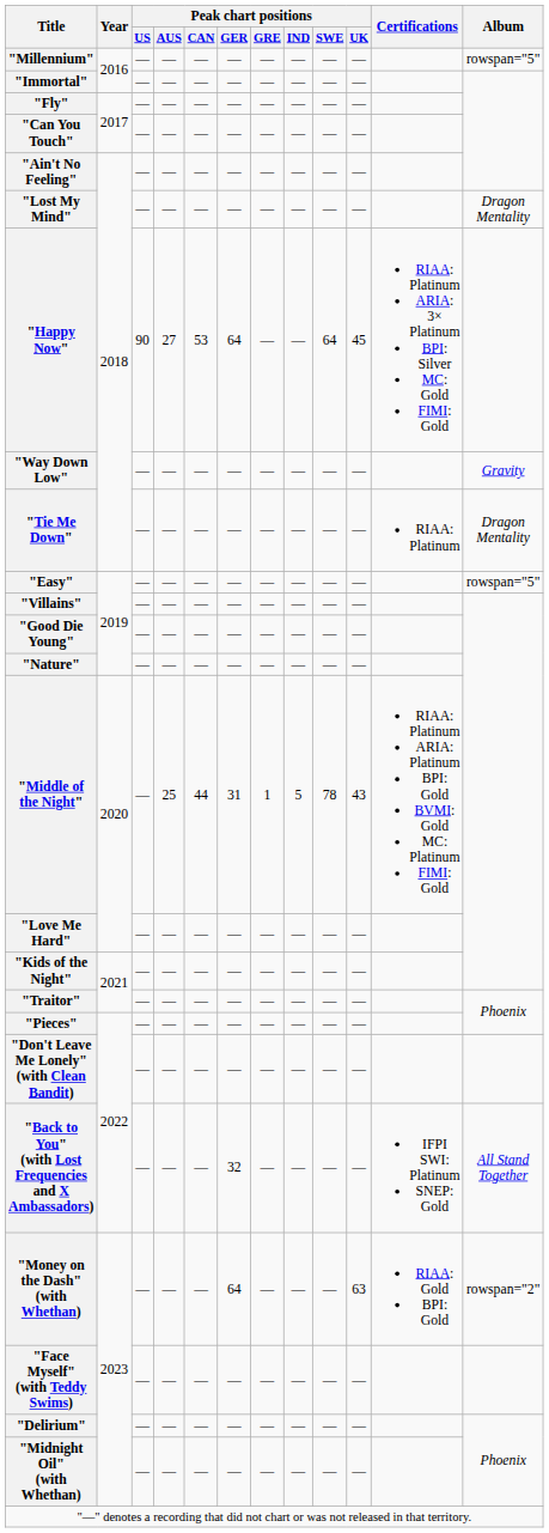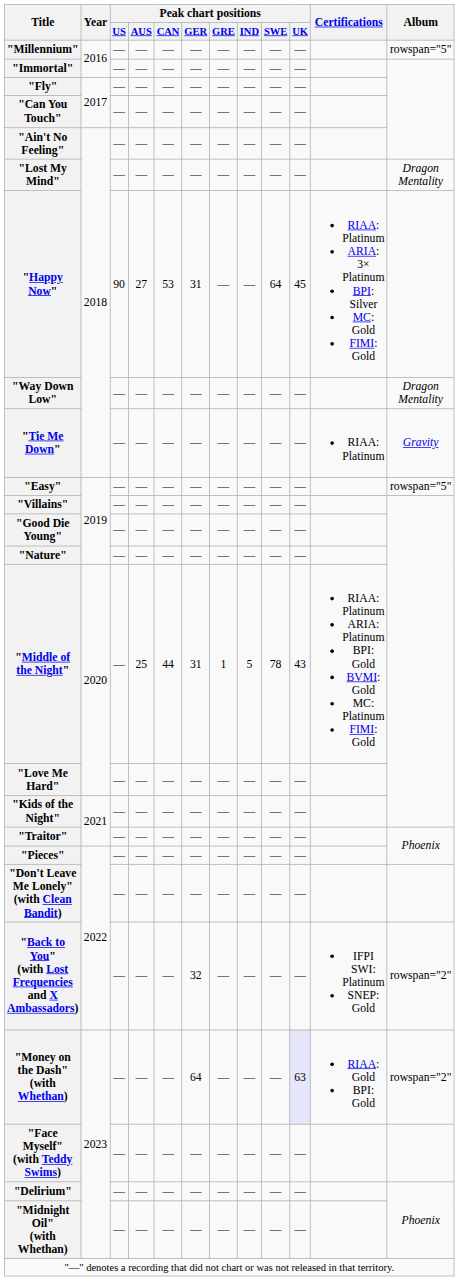 <table class="wikitable plainrowheaders" style="text-align:center;">
 <tr>
 <th scope="col" rowspan="2" style="width:20em;">Title</th>
 <th scope="col" rowspan="2">Year</th>
 <th scope="col" colspan="8">Peak chart positions</th>
 <th scope="col" rowspan="2" style="width:14em;"><a href='#'>Certifications</a></th>
 <th scope="col" rowspan="2" style="width:10em;">Album</th>
 </tr>
 <tr>
 <th scope="col" style="width:3em;font-size:90%;"><a href='#'>US</a><br></th>
 <th scope="col" style="width:3em;font-size:90%;"><a href='#'>AUS</a><br></th>
 <th scope="col" style="width:3em;font-size:90%;"><a href='#'>CAN</a><br></th>
 <th scope="col" style="width:3em;font-size:90%;"><a href='#'>GER</a><br></th>
 <th scope="col" style="width:3em;font-size:90%;"><a href='#'>GRE</a><br></th>
 <th scope="col" style="width:3em;font-size:90%;"><a href='#'>IND</a><br></th>
 <th scope="col" style="width:3em;font-size:90%;"><a href='#'>SWE</a><br></th>
 <th scope="col" style="width:3em;font-size:90%;"><a href='#'>UK</a><br></th>
 </tr>
 <tr>
 <th scope="row">"Millennium"<br></th>
 <td rowspan="2">2016</td>
 <td>—</td>
 <td>—</td>
 <td>—</td>
 <td>—</td>
 <td>—</td>
 <td>—</td>
 <td>—</td>
 <td>—</td>
 <td></td>
 <td>rowspan="5" </td>
 </tr>
 <tr>
 <th scope="row">"Immortal"</th>
 <td>—</td>
 <td>—</td>
 <td>—</td>
 <td>—</td>
 <td>—</td>
 <td>—</td>
 <td>—</td>
 <td>—</td>
 <td></td>
 </tr>
 <tr>
 <th scope="row">"Fly"</th>
 <td rowspan="2">2017</td>
 <td>—</td>
 <td>—</td>
 <td>—</td>
 <td>—</td>
 <td>—</td>
 <td>—</td>
 <td>—</td>
 <td>—</td>
 <td></td>
 </tr>
 <tr>
 <th scope="row">"Can You Touch"</th>
 <td>—</td>
 <td>—</td>
 <td>—</td>
 <td>—</td>
 <td>—</td>
 <td>—</td>
 <td>—</td>
 <td>—</td>
 <td></td>
 </tr>
 <tr>
 <th scope="row">"Ain't No Feeling"</th>
 <td rowspan="5">2018</td>
 <td>—</td>
 <td>—</td>
 <td>—</td>
 <td>—</td>
 <td>—</td>
 <td>—</td>
 <td>—</td>
 <td>—</td>
 <td></td>
 </tr>
 <tr>
 <th scope="row">"Lost My Mind"</th>
 <td>—</td>
 <td>—</td>
 <td>—</td>
 <td>—</td>
 <td>—</td>
 <td>—</td>
 <td>—</td>
 <td>—</td>
 <td></td>
 <td><em>Dragon Mentality</em></td>
 </tr>
 <tr>
 <th scope="row">"<a href='#'>Happy Now</a>"<br></th>
 <td>90</td>
 <td>27</td>
 <td>53</td>
-<td>64</td>
+<td>31</td>
 <td>—</td>
 <td>—</td>
 <td>64</td>
 <td>45</td>
 <td><br><ul><li><a href='#'>RIAA</a>: Platinum</li><li><a href='#'>ARIA</a>: 3× Platinum</li><li><a href='#'>BPI</a>: Silver</li><li><a href='#'>MC</a>: Gold</li><li><a href='#'>FIMI</a>: Gold</li></ul></td>
 <td></td>
 </tr>
 <tr>
 <th scope="row">"Way Down Low"</th>
 <td>—</td>
 <td>—</td>
 <td>—</td>
 <td>—</td>
 <td>—</td>
 <td>—</td>
 <td>—</td>
 <td>—</td>
 <td></td>
-<td><em><a href='#'>Gravity</a></em></td>
+<td><em>Dragon Mentality</em></td>
 </tr>
 <tr>
 <th scope="row">"<a href='#'>Tie Me Down</a>"<br></th>
 <td>—</td>
 <td>—</td>
 <td>—</td>
 <td>—</td>
 <td>—</td>
 <td>—</td>
 <td>—</td>
 <td>—</td>
 <td><br><ul><li>RIAA: Platinum</li></ul></td>
-<td><em>Dragon Mentality</em></td>
+<td><em><a href='#'>Gravity</a></em></td>
 </tr>
 <tr>
 <th scope="row">"Easy"<br></th>
 <td rowspan="4">2019</td>
 <td>—</td>
 <td>—</td>
 <td>—</td>
 <td>—</td>
 <td>—</td>
 <td>—</td>
 <td>—</td>
 <td>—</td>
 <td></td>
 <td>rowspan="5" </td>
 </tr>
 <tr>
 <th scope="row">"Villains"</th>
 <td>—</td>
 <td>—</td>
 <td>—</td>
 <td>—</td>
 <td>—</td>
 <td>—</td>
 <td>—</td>
 <td>—</td>
 <td></td>
 </tr>
 <tr>
 <th scope="row">"Good Die Young"</th>
 <td>—</td>
 <td>—</td>
 <td>—</td>
 <td>—</td>
 <td>—</td>
 <td>—</td>
 <td>—</td>
 <td>—</td>
 <td></td>
 </tr>
 <tr>
 <th scope="row">"Nature"</th>
 <td>—</td>
 <td>—</td>
 <td>—</td>
 <td>—</td>
 <td>—</td>
 <td>—</td>
 <td>—</td>
 <td>—</td>
 <td></td>
 </tr>
 <tr>
 <th scope="row">"<a href='#'>Middle of the Night</a>"</th>
 <td rowspan="2">2020</td>
 <td>—</td>
 <td>25</td>
 <td>44</td>
 <td>31</td>
 <td>1</td>
 <td>5</td>
 <td>78</td>
 <td>43</td>
 <td><br><ul><li>RIAA: Platinum</li><li>ARIA: Platinum</li><li>BPI: Gold</li><li><a href='#'>BVMI</a>: Gold</li><li>MC: Platinum</li><li><a href='#'>FIMI</a>: Gold</li></ul></td>
 </tr>
 <tr>
 <th scope="row">"Love Me Hard"</th>
 <td>—</td>
 <td>—</td>
 <td>—</td>
 <td>—</td>
 <td>—</td>
 <td>—</td>
 <td>—</td>
 <td>—</td>
 <td></td>
 </tr>
 <tr>
 <th scope="row">"Kids of the Night"</th>
 <td rowspan="2">2021</td>
 <td>—</td>
 <td>—</td>
 <td>—</td>
 <td>—</td>
 <td>—</td>
 <td>—</td>
 <td>—</td>
 <td>—</td>
 <td></td>
 </tr>
 <tr>
 <th scope="row">"Traitor"</th>
 <td>—</td>
 <td>—</td>
 <td>—</td>
 <td>—</td>
 <td>—</td>
 <td>—</td>
 <td>—</td>
 <td>—</td>
 <td></td>
 <td rowspan="2"><em>Phoenix</em></td>
 </tr>
 <tr>
 <th scope="row">"Pieces"</th>
 <td rowspan="3">2022</td>
 <td>—</td>
 <td>—</td>
 <td>—</td>
 <td>—</td>
 <td>—</td>
 <td>—</td>
 <td>—</td>
 <td>—</td>
 <td></td>
 </tr>
 <tr>
 <th scope="row">"Don't Leave Me Lonely"<br><span>(with <a href='#'>Clean Bandit</a>)</span></th>
 <td>—</td>
 <td>—</td>
 <td>—</td>
 <td>—</td>
 <td>—</td>
 <td>—</td>
 <td>—</td>
 <td>—</td>
 <td></td>
 <td></td>
 </tr>
 <tr>
 <th scope="row">"<a href='#'>Back to You</a>"<br><span>(with <a href='#'>Lost Frequencies</a> and <a href='#'>X Ambassadors</a>)</span></th>
 <td>—</td>
 <td>—</td>
 <td>—</td>
 <td>32</td>
 <td>—</td>
 <td>—</td>
 <td>—</td>
 <td>—</td>
 <td><br><ul><li>IFPI SWI: Platinum</li><li>SNEP: Gold</li></ul></td>
-<td><em><a href='#'>All Stand Together</a></em></td>
+<td>rowspan="2" </td>
 </tr>
 <tr>
 <th scope="row">"Money on the Dash"<br><span>(with <a href='#'>Whethan</a>)</span></th>
 <td rowspan="4">2023</td>
 <td>—</td>
 <td>—</td>
 <td>—</td>
 <td>64</td>
 <td>—</td>
 <td>—</td>
 <td>—</td>
-<td>63</td>
+<td style="background: lavender;">63</td>
 <td><br><ul><li><a href='#'>RIAA</a>: Gold</li><li>BPI: Gold</li></ul></td>
 <td>rowspan="2" </td>
 </tr>
 <tr>
 <th scope="row">"Face Myself"<br><span>(with <a href='#'>Teddy Swims</a>)</span></th>
 <td>—</td>
 <td>—</td>
 <td>—</td>
 <td>—</td>
 <td>—</td>
 <td>—</td>
 <td>—</td>
 <td>—</td>
 <td></td>
 </tr>
 <tr>
 <th scope="row">"Delirium"</th>
 <td>—</td>
 <td>—</td>
 <td>—</td>
 <td>—</td>
 <td>—</td>
 <td>—</td>
 <td>—</td>
 <td>—</td>
 <td></td>
 <td rowspan="2"><em>Phoenix</em></td>
 </tr>
 <tr>
 <th scope="row">"Midnight Oil"<br><span>(with Whethan)</span></th>
 <td>—</td>
 <td>—</td>
 <td>—</td>
 <td>—</td>
 <td>—</td>
 <td>—</td>
 <td>—</td>
 <td>—</td>
 <td></td>
 </tr>
 <tr>
 <td colspan="12" style="font-size:90%">"—" denotes a recording that did not chart or was not released in that territory.</td>
 </tr>
 </table>
